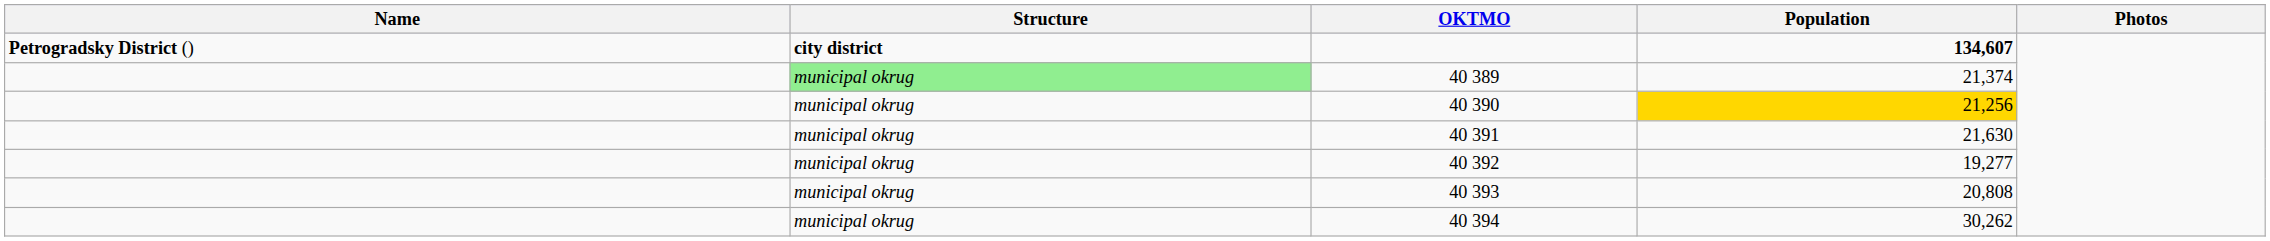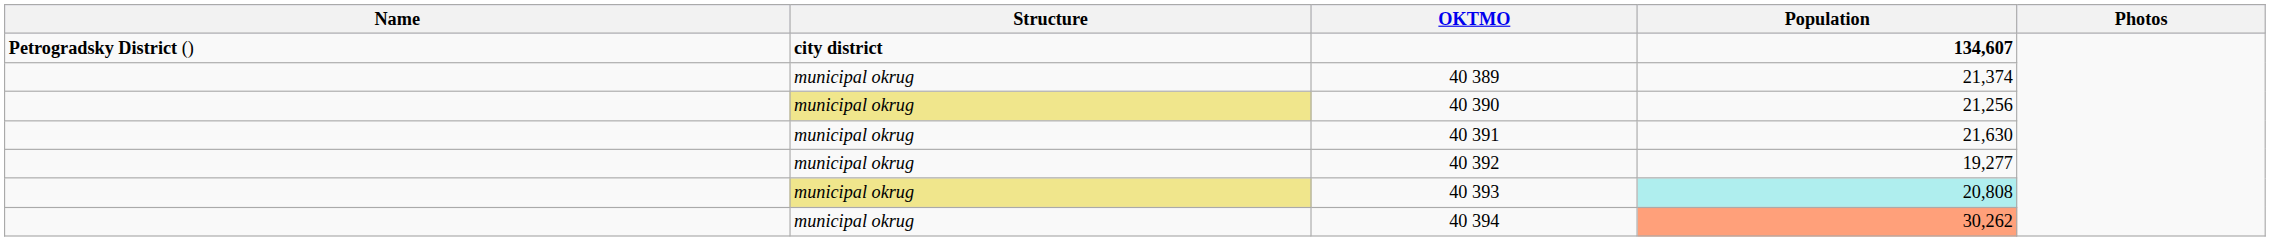 <table width=100% class="wikitable">
 <tr bgcolor="#CCCCFF" align="left">
 <th>Name</th>
 <th>Structure</th>
 <th><a href='#'>OKTMO</a></th>
 <th>Population</th>
 <th>Photos</th>
 </tr>
 <tr valign="top">
 <td><strong>Petrogradsky District</strong> ()</td>
 <td align="left"><strong>city district</strong></td>
 <td></td>
 <td align="right"><strong>134,607</strong></td>
 <td rowspan="8"></td>
 </tr>
 <tr>
 <td><br></td>
-<td align="left" style="background: lightgreen;"><em>municipal okrug</em></td>
+<td align="left"><em>municipal okrug</em></td>
 <td align="center">40 389</td>
 <td align="right">21,374</td>
 </tr>
 <tr>
 <td><br></td>
-<td align="left"><em>municipal okrug</em></td>
+<td align="left" style="background: khaki;"><em>municipal okrug</em></td>
 <td align="center">40 390</td>
-<td align="right" style="background: gold;">21,256</td>
+<td align="right">21,256</td>
 </tr>
 <tr>
 <td><br></td>
 <td align="left"><em>municipal okrug</em></td>
 <td align="center">40 391</td>
 <td align="right">21,630</td>
 </tr>
 <tr>
 <td><br></td>
 <td align="left"><em>municipal okrug</em></td>
 <td align="center">40 392</td>
 <td align="right">19,277</td>
 </tr>
 <tr>
 <td><br></td>
-<td align="left"><em>municipal okrug</em></td>
+<td align="left" style="background: khaki;"><em>municipal okrug</em></td>
 <td align="center">40 393</td>
-<td align="right">20,808</td>
+<td align="right" style="background: paleturquoise;">20,808</td>
 </tr>
 <tr>
 <td><br></td>
 <td align="left"><em>municipal okrug</em></td>
 <td align="center">40 394</td>
-<td align="right">30,262</td>
+<td align="right" style="background: lightsalmon;">30,262</td>
 </tr>
 </table>
